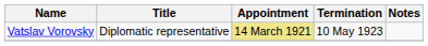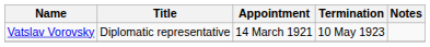 <table class="wikitable">
 <tr valign="middle">
 <th>Name</th>
 <th>Title</th>
 <th>Appointment</th>
 <th>Termination</th>
 <th>Notes</th>
 </tr>
 <tr>
 <td><a href='#'>Vatslav Vorovsky</a></td>
 <td>Diplomatic representative</td>
-<td style="background: khaki;">14 March 1921</td>
+<td>14 March 1921</td>
 <td>10 May 1923</td>
 <td></td>
 </tr>
 <tr>
 </tr>
 </table>
